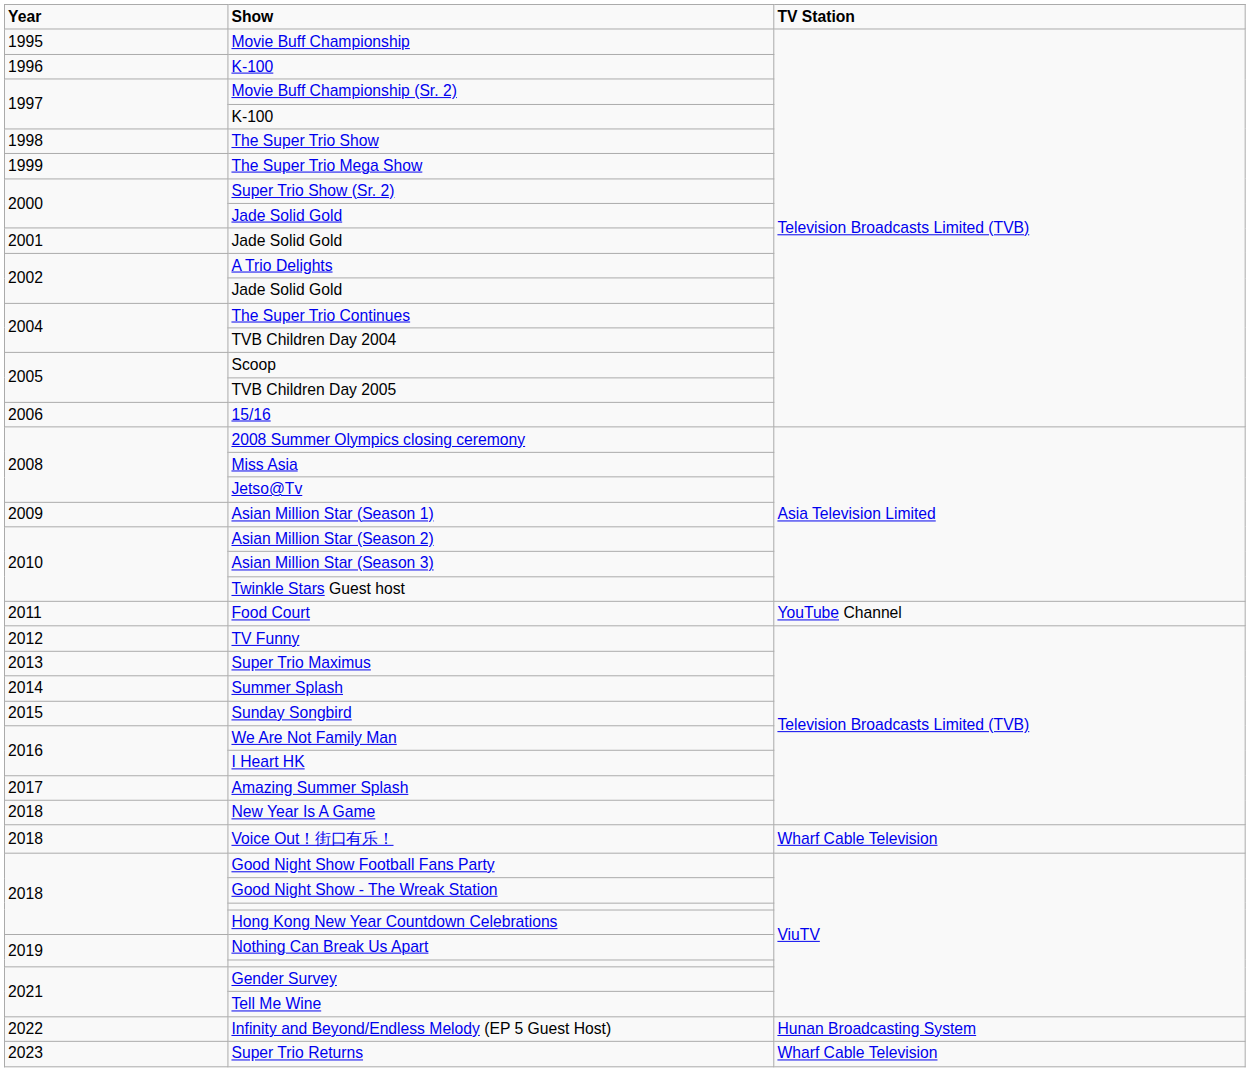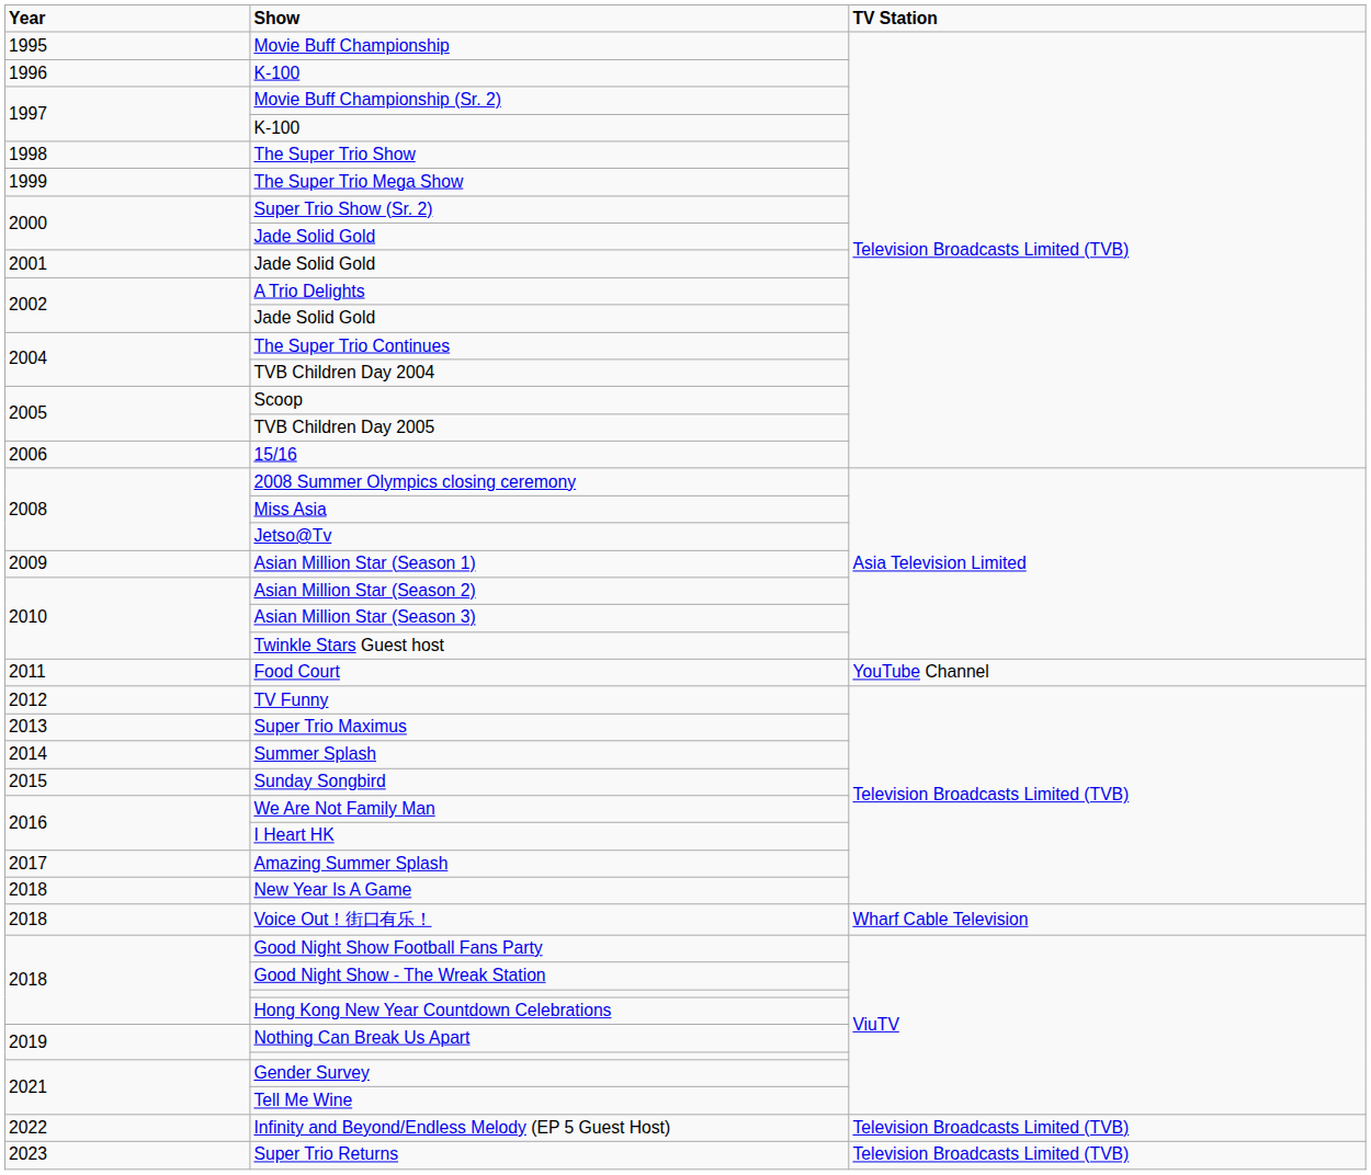 <table class="wikitable" width="80%">
 <tr>
 <td style="width:9%"><strong>Year</strong></td>
 <td style="width:22%"><strong>Show</strong></td>
 <td style="width:19%"><strong>TV Station</strong></td>
 </tr>
 <tr>
 <td>1995</td>
 <td><a href='#'>Movie Buff Championship</a></td>
 <td rowspan="16"><a href='#'>Television Broadcasts Limited (TVB)</a></td>
 </tr>
 <tr>
 <td rowspan="1">1996</td>
 <td><a href='#'>K-100</a></td>
 </tr>
 <tr>
 <td rowspan="2">1997</td>
 <td><a href='#'>Movie Buff Championship (Sr. 2)</a></td>
 </tr>
 <tr>
 <td>K-100</td>
 </tr>
 <tr>
 <td rowspan="1">1998</td>
 <td><a href='#'>The Super Trio Show</a></td>
 </tr>
 <tr>
 <td rowspan="1">1999</td>
 <td><a href='#'>The Super Trio Mega Show</a></td>
 </tr>
 <tr>
 <td rowspan="2">2000</td>
 <td><a href='#'>Super Trio Show (Sr. 2)</a></td>
 </tr>
 <tr>
 <td><a href='#'>Jade Solid Gold</a></td>
 </tr>
 <tr>
 <td rowspan="1">2001</td>
 <td>Jade Solid Gold</td>
 </tr>
 <tr>
 <td rowspan="2">2002</td>
 <td><a href='#'>A Trio Delights</a></td>
 </tr>
 <tr>
 <td>Jade Solid Gold</td>
 </tr>
 <tr>
 <td rowspan="2">2004</td>
 <td><a href='#'>The Super Trio Continues</a></td>
 </tr>
 <tr>
 <td>TVB Children Day 2004</td>
 </tr>
 <tr>
 <td rowspan="2">2005</td>
 <td>Scoop</td>
 </tr>
 <tr>
 <td>TVB Children Day 2005</td>
 </tr>
 <tr>
 <td rowspan="1">2006</td>
 <td><a href='#'>15/16</a></td>
 </tr>
 <tr>
 <td rowspan="3">2008</td>
 <td><a href='#'>2008 Summer Olympics closing ceremony</a></td>
 <td rowspan=7><a href='#'>Asia Television Limited</a></td>
 </tr>
 <tr>
 <td><a href='#'>Miss Asia</a></td>
 </tr>
 <tr>
 <td><a href='#'>Jetso@Tv</a></td>
 </tr>
 <tr>
 <td>2009</td>
 <td><a href='#'>Asian Million Star (Season 1)</a></td>
 </tr>
 <tr>
 <td rowspan="3">2010</td>
 <td><a href='#'>Asian Million Star (Season 2)</a></td>
 </tr>
 <tr>
 <td><a href='#'>Asian Million Star (Season 3)</a></td>
 </tr>
 <tr>
 <td><a href='#'>Twinkle Stars</a> Guest host</td>
 </tr>
 <tr>
 <td>2011</td>
 <td><a href='#'>Food Court</a></td>
 <td><a href='#'>YouTube</a> Channel</td>
 </tr>
 <tr>
 <td rowspan="1">2012</td>
 <td><a href='#'>TV Funny</a></td>
 <td rowspan="8"><a href='#'>Television Broadcasts Limited (TVB)</a></td>
 </tr>
 <tr>
 <td rowspan="1">2013</td>
 <td><a href='#'>Super Trio Maximus</a></td>
 </tr>
 <tr>
 <td rowspan="1">2014</td>
 <td><a href='#'>Summer Splash</a></td>
 </tr>
 <tr>
 <td rowspan="1">2015</td>
 <td><a href='#'>Sunday Songbird</a></td>
 </tr>
 <tr>
 <td rowspan="2">2016</td>
 <td><a href='#'>We Are Not Family Man</a></td>
 </tr>
 <tr>
 <td><a href='#'>I Heart HK</a></td>
 </tr>
 <tr>
 <td>2017</td>
 <td><a href='#'>Amazing Summer Splash</a></td>
 </tr>
 <tr>
 <td>2018</td>
 <td><a href='#'>New Year Is A Game</a></td>
 </tr>
 <tr>
 <td rowspan="1">2018</td>
 <td><a href='#'>Voice Out！街口有乐！</a></td>
 <td><a href='#'>Wharf Cable Television</a></td>
 </tr>
 <tr>
 <td rowspan="4">2018</td>
 <td><a href='#'>Good Night Show Football Fans Party</a></td>
 <td rowspan="8"><a href='#'>ViuTV</a></td>
 </tr>
 <tr>
 <td><a href='#'>Good Night Show - The Wreak Station</a></td>
 </tr>
 <tr>
 <td></td>
 </tr>
 <tr>
 <td><a href='#'>Hong Kong New Year Countdown Celebrations</a></td>
 </tr>
 <tr>
 <td rowspan="2">2019</td>
 <td><a href='#'>Nothing Can Break Us Apart</a></td>
 </tr>
 <tr>
 <td></td>
 </tr>
 <tr>
 <td rowspan="2">2021</td>
 <td><a href='#'>Gender Survey</a></td>
 </tr>
 <tr>
 <td><a href='#'>Tell Me Wine</a></td>
 </tr>
 <tr>
 <td rowspan="1">2022</td>
 <td><a href='#'>Infinity and Beyond/Endless Melody</a> (EP 5 Guest Host)</td>
-<td><a href='#'>Hunan Broadcasting System</a></td>
+<td><a href='#'>Television Broadcasts Limited (TVB)</a></td>
 </tr>
 <tr>
 <td rowspan="1">2023</td>
 <td><a href='#'>Super Trio Returns</a></td>
-<td><a href='#'>Wharf Cable Television</a></td>
+<td><a href='#'>Television Broadcasts Limited (TVB)</a></td>
 </tr>
 </table>
